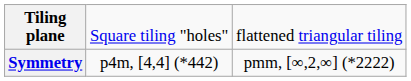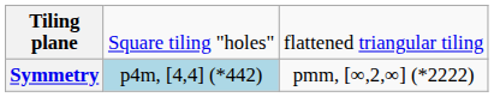 <table class=wikitable>
 <tr align=center>
 <th>Tiling<br>plane</th>
 <td><br><a href='#'>Square tiling</a> "holes"</td>
 <td><br>flattened <a href='#'>triangular tiling</a></td>
 </tr>
 <tr align=center>
 <th><a href='#'>Symmetry</a></th>
-<td>p4m, [4,4] (*442)</td>
+<td style="background: lightblue;">p4m, [4,4] (*442)</td>
 <td>pmm, [∞,2,∞] (*2222)</td>
 </tr>
 </table>
